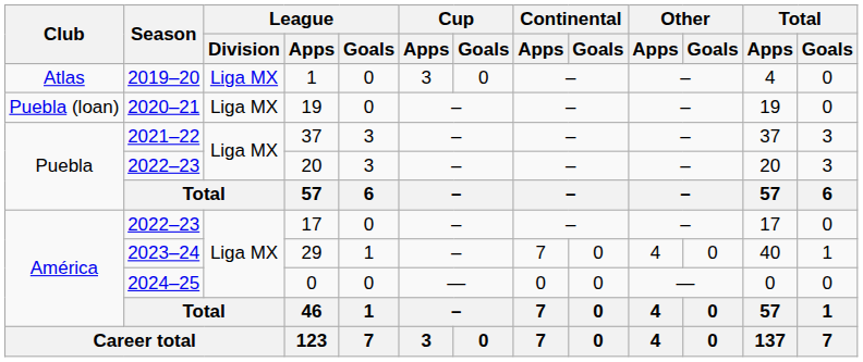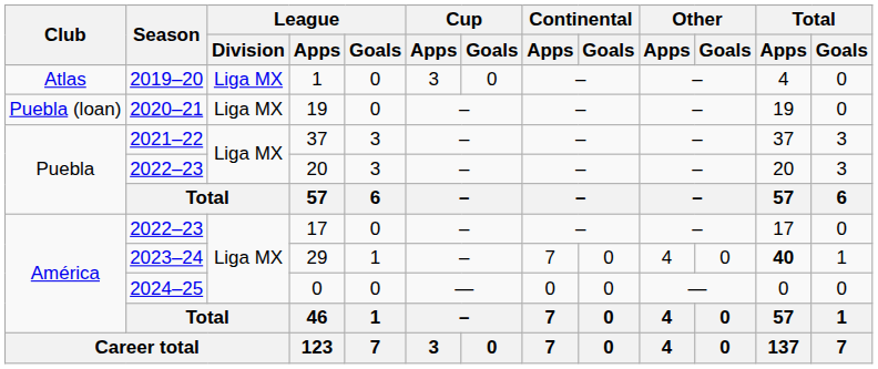 <table class="wikitable" style="text-align: center">
 <tr>
 <th rowspan="2">Club</th>
 <th rowspan="2">Season</th>
 <th colspan="3">League</th>
 <th colspan="2">Cup</th>
 <th colspan="2">Continental</th>
 <th colspan="2">Other</th>
 <th colspan="2">Total</th>
 </tr>
 <tr>
 <th>Division</th>
 <th>Apps</th>
 <th>Goals</th>
 <th>Apps</th>
 <th>Goals</th>
 <th>Apps</th>
 <th>Goals</th>
 <th>Apps</th>
 <th>Goals</th>
 <th>Apps</th>
 <th>Goals</th>
 </tr>
 <tr>
 <td><a href='#'>Atlas</a></td>
 <td><a href='#'>2019–20</a></td>
 <td><a href='#'>Liga MX</a></td>
 <td>1</td>
 <td>0</td>
 <td>3</td>
 <td>0</td>
 <td colspan="2">–</td>
 <td colspan="2">–</td>
 <td>4</td>
 <td>0</td>
 </tr>
 <tr>
 <td><a href='#'>Puebla</a> (loan)</td>
 <td><a href='#'>2020–21</a></td>
 <td>Liga MX</td>
 <td>19</td>
 <td>0</td>
 <td colspan="2">–</td>
 <td colspan="2">–</td>
 <td colspan="2">–</td>
 <td>19</td>
 <td>0</td>
 </tr>
 <tr>
 <td rowspan="3">Puebla</td>
 <td><a href='#'>2021–22</a></td>
 <td rowspan="2">Liga MX</td>
 <td>37</td>
 <td>3</td>
 <td colspan="2">–</td>
 <td colspan="2">–</td>
 <td colspan="2">–</td>
 <td>37</td>
 <td>3</td>
 </tr>
 <tr>
 <td><a href='#'>2022–23</a></td>
 <td>20</td>
 <td>3</td>
 <td colspan="2">–</td>
 <td colspan="2">–</td>
 <td colspan="2">–</td>
 <td>20</td>
 <td>3</td>
 </tr>
 <tr>
 <th colspan="2">Total</th>
 <th>57</th>
 <th>6</th>
 <th colspan="2">–</th>
 <th colspan="2">–</th>
 <th colspan="2">–</th>
 <th>57</th>
 <th>6</th>
 </tr>
 <tr>
 <td rowspan="4"><a href='#'>América</a></td>
 <td><a href='#'>2022–23</a></td>
 <td rowspan="3">Liga MX</td>
 <td>17</td>
 <td>0</td>
 <td colspan="2">–</td>
 <td colspan="2">–</td>
 <td colspan="2">–</td>
 <td>17</td>
 <td>0</td>
 </tr>
 <tr>
 <td><a href='#'>2023–24</a></td>
 <td>29</td>
 <td>1</td>
 <td colspan="2">–</td>
 <td>7</td>
 <td>0</td>
 <td>4</td>
 <td>0</td>
-<td>40</td>
+<td><strong>40</strong></td>
 <td>1</td>
 </tr>
 <tr>
 <td><a href='#'>2024–25</a></td>
 <td>0</td>
 <td>0</td>
 <td colspan="2">—</td>
 <td>0</td>
 <td>0</td>
 <td colspan="2">—</td>
 <td>0</td>
 <td>0</td>
 </tr>
 <tr>
 <th colspan="2">Total</th>
 <th>46</th>
 <th>1</th>
 <th colspan="2">–</th>
 <th>7</th>
 <th>0</th>
 <th>4</th>
 <th>0</th>
 <th>57</th>
 <th>1</th>
 </tr>
 <tr>
 <th colspan=3>Career total</th>
 <th>123</th>
 <th>7</th>
 <th>3</th>
 <th>0</th>
 <th>7</th>
 <th>0</th>
 <th>4</th>
 <th>0</th>
 <th>137</th>
 <th>7</th>
 </tr>
 </table>
